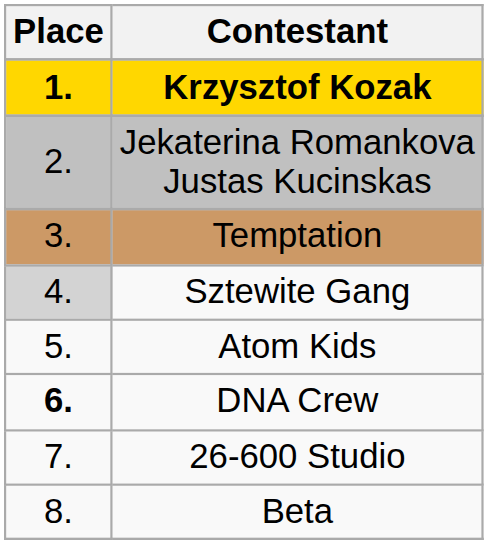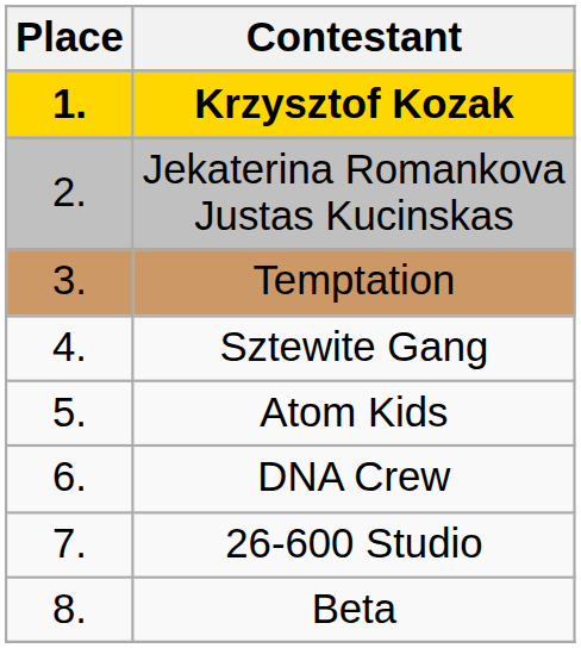 <table class="wikitable">
 <tr>
 <th>Place</th>
 <th>Contestant</th>
 </tr>
 <tr>
 </tr>
 <tr bgcolor="gold">
 <td align="center"><strong>1.</strong></td>
 <td align="center"><strong>Krzysztof Kozak</strong></td>
 </tr>
 <tr>
 </tr>
 <tr bgcolor="silver">
 <td align="center">2.</td>
 <td align="center">Jekaterina Romankova<br>Justas Kucinskas</td>
 </tr>
 <tr>
 </tr>
 <tr bgcolor="#cc9966">
 <td align="center">3.</td>
 <td align="center">Temptation</td>
 </tr>
 <tr>
-<td align="center" style="background: lightgrey;">4.</td>
+<td align="center">4.</td>
 <td align="center">Sztewite Gang</td>
 </tr>
 <tr>
 <td align="center">5.</td>
 <td align="center">Atom Kids</td>
 </tr>
 <tr>
-<td align="center"><strong>6.</strong></td>
+<td align="center">6.</td>
 <td align="center">DNA Crew</td>
 </tr>
 <tr>
 <td align="center">7.</td>
 <td align="center">26-600 Studio</td>
 </tr>
 <tr>
 <td align="center">8.</td>
 <td align="center">Beta</td>
 </tr>
 <tr>
 </tr>
 </table>
